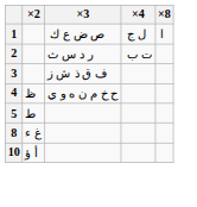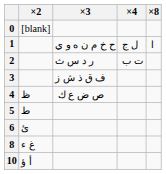 <table class="wikitable floatright" >
 <tr>
 <th></th>
 <th>×2</th>
 <th>×3</th>
 <th>×4</th>
 <th>×8</th>
 </tr>
 <tr>
+<th>0</th>
+<td>[blank]</td>
+<td></td>
+<td></td>
+<td></td>
+</tr>
+<tr>
 <th>1</th>
 <td></td>
-<td>‎ ﺹ ﺽ ﻉ ﻙ</td>
+<td>ﺡ ﺥ ﻡ ﻥ ﻩ ﻭ ي</td>
 <td>‎ ﻝ ﺝ</td>
 <td>‎ ﺍ</td>
 </tr>
 <tr>
 <th>2</th>
 <td></td>
 <td>ﺭ ﺩ ﺱ ث</td>
 <td>‎ ت ﺏ</td>
 <td></td>
 </tr>
 <tr>
 <th>3</th>
 <td></td>
 <td>ﻑ ﻕ ﺫ ﺵ ﺯ</td>
 <td></td>
 <td></td>
 </tr>
 <tr>
 <th>4</th>
 <td>ﻅ</td>
-<td>ﺡ ﺥ ﻡ ﻥ ﻩ ﻭ ي</td>
+<td>‎ ﺹ ﺽ ﻉ ﻙ</td>
 <td></td>
 <td></td>
 </tr>
 <tr>
 <th>5</th>
 <td>ﻁ</td>
+<td></td>
+<td></td>
+<td></td>
+</tr>
+<tr>
+<th>6</th>
+<td>ﺉ</td>
 <td></td>
 <td></td>
 <td></td>
 </tr>
 <tr>
 <th>8</th>
 <td>ﻍ ﺀ</td>
 <td></td>
 <td></td>
 <td></td>
 </tr>
 <tr>
 <th>10</th>
 <td>ﺃ ﺅ</td>
 <td></td>
 <td></td>
 <td></td>
 </tr>
 </table>
